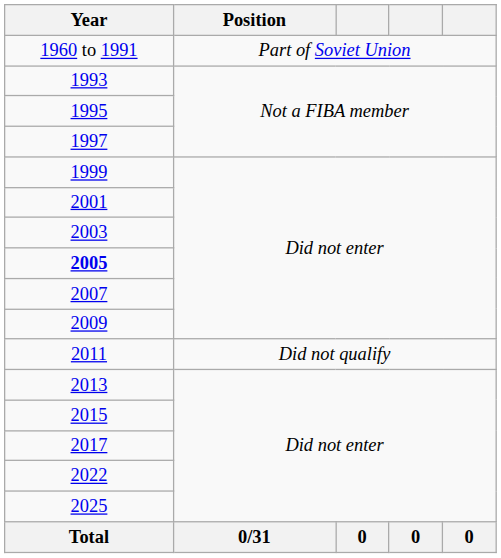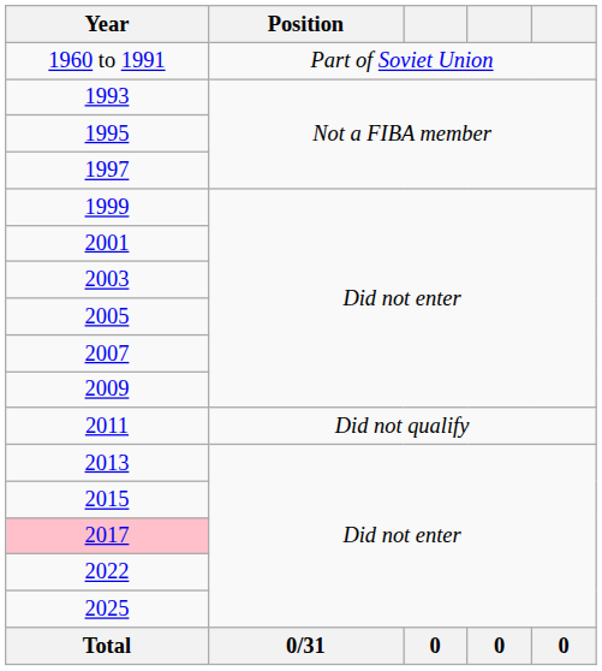 <table class="wikitable" style="text-align: center;font-size:90%;">
 <tr>
 <th width=125>Year</th>
 <th width=120>Position</th>
 <th width=35></th>
 <th width=35></th>
 <th width=35></th>
 </tr>
 <tr>
 <td><a href='#'>1960</a> to <a href='#'>1991</a></td>
 <td colspan=4><em>Part of <a href='#'>Soviet Union</a></em></td>
 </tr>
 <tr>
 <td> <a href='#'>1993</a></td>
 <td rowspan=3 colspan=4><em>Not a FIBA member</em></td>
 </tr>
 <tr>
 <td> <a href='#'>1995</a></td>
 </tr>
 <tr>
 <td> <a href='#'>1997</a></td>
 </tr>
 <tr>
 <td> <a href='#'>1999</a></td>
 <td rowspan=6 colspan=4><em>Did not enter</em></td>
 </tr>
 <tr>
 <td> <a href='#'>2001</a></td>
 </tr>
 <tr>
 <td> <a href='#'>2003</a></td>
 </tr>
 <tr>
-<td><strong> <a href='#'>2005</a></strong></td>
+<td> <a href='#'>2005</a></td>
 </tr>
 <tr>
 <td> <a href='#'>2007</a></td>
 </tr>
 <tr>
 <td> <a href='#'>2009</a></td>
 </tr>
 <tr>
 <td> <a href='#'>2011</a></td>
 <td colspan=4><em>Did not qualify</em></td>
 </tr>
 <tr>
 <td> <a href='#'>2013</a></td>
 <td rowspan=5 colspan=4><em>Did not enter</em></td>
 </tr>
 <tr>
 <td> <a href='#'>2015</a></td>
 </tr>
 <tr>
-<td> <a href='#'>2017</a></td>
+<td style="background: pink;"> <a href='#'>2017</a></td>
 </tr>
 <tr>
 <td> <a href='#'>2022</a></td>
 </tr>
 <tr>
 <td> <a href='#'>2025</a></td>
 </tr>
 <tr>
 <th>Total</th>
 <th>0/31</th>
 <th>0</th>
 <th>0</th>
 <th>0</th>
 </tr>
 </table>
